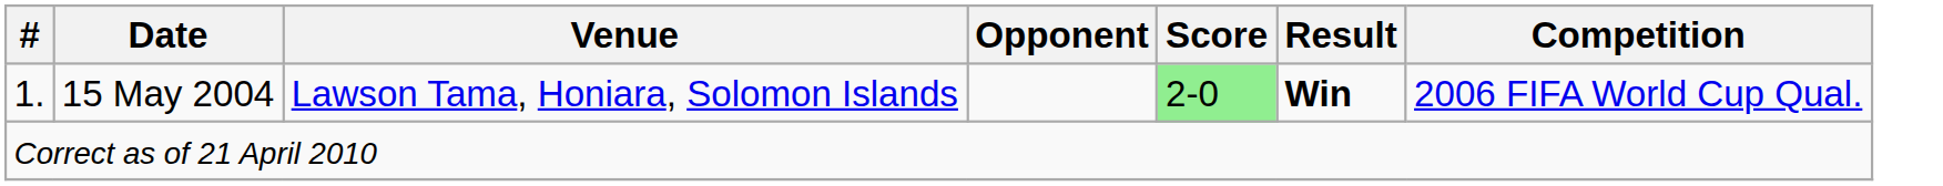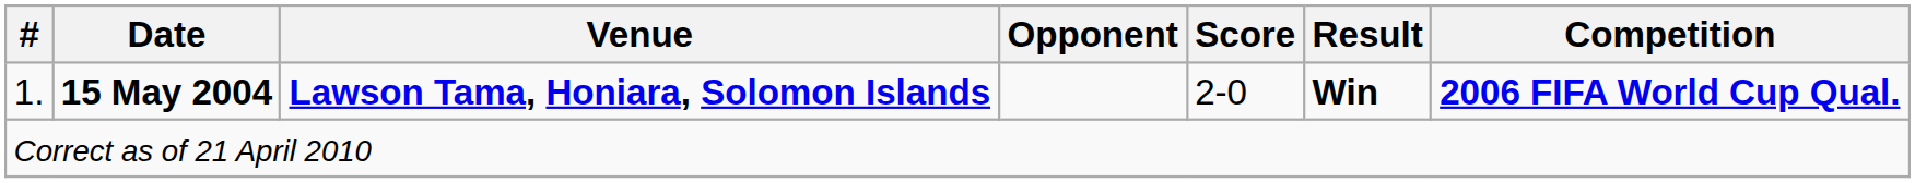 <table class="wikitable" style="font-size:95%;">
 <tr>
 <th>#</th>
 <th>Date</th>
 <th>Venue</th>
 <th>Opponent</th>
 <th>Score</th>
 <th>Result</th>
 <th>Competition</th>
 </tr>
 <tr>
 <td>1.</td>
-<td>15 May 2004</td>
-<td><a href='#'>Lawson Tama</a>, <a href='#'>Honiara</a>, <a href='#'>Solomon Islands</a></td>
+<td><strong>15 May 2004</strong></td>
+<td><strong><a href='#'>Lawson Tama</a>, <a href='#'>Honiara</a>, <a href='#'>Solomon Islands</a></strong></td>
 <td></td>
-<td style="background: lightgreen;">2-0</td>
+<td>2-0</td>
 <td><strong>Win</strong></td>
-<td><a href='#'>2006 FIFA World Cup Qual.</a></td>
+<td><strong><a href='#'>2006 FIFA World Cup Qual.</a></strong></td>
 </tr>
 <tr>
 <td colspan="12"><small><em>Correct as of 21 April 2010</em></small></td>
 </tr>
 <tr>
 </tr>
 </table>
